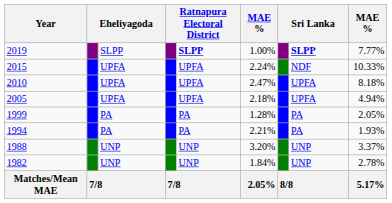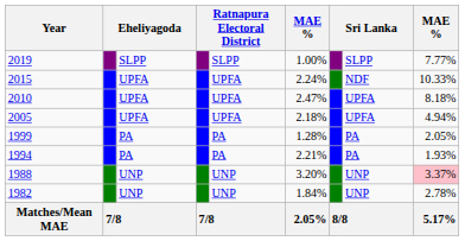 <table class="wikitable">
 <tr>
 <th>Year</th>
 <th colspan="2" width="144px">Eheliyagoda</th>
 <th colspan="2" width="144px"><a href='#'>Ratnapura Electoral District</a></th>
 <th><a href='#'>MAE</a> %</th>
 <th colspan="2" width="144px">Sri Lanka</th>
 <th>MAE %</th>
 </tr>
 <tr>
 <td><a href='#'>2019</a></td>
 <td style="background-color:purple;" width="10px"></td>
 <td style="text-align:left;"><a href='#'>SLPP</a></td>
 <td style="background-color:purple;" width="10px"></td>
-<td style="text-align:left;"><strong><a href='#'>SLPP</a></strong></td>
+<td style="text-align:left;"><a href='#'>SLPP</a></td>
 <td style="text-align:right;">1.00%</td>
 <td style="background-color:purple;" width="10px"></td>
-<td style="text-align:left;"><strong><a href='#'>SLPP</a></strong></td>
+<td style="text-align:left;"><a href='#'>SLPP</a></td>
 <td style="text-align:right;">7.77%</td>
 </tr>
 <tr>
 <td><a href='#'>2015</a></td>
 <td style="background-color:blue;" width="10px"></td>
 <td style="text-align:left;"><a href='#'>UPFA</a></td>
 <td style="background-color:blue;" width="10px"></td>
 <td style="text-align:left;"><a href='#'>UPFA</a></td>
 <td style="text-align:right;">2.24%</td>
 <td style="background-color:green;" width="10px"></td>
 <td style="text-align:left;"><a href='#'>NDF</a></td>
 <td style="text-align:right;">10.33%</td>
 </tr>
 <tr>
 <td><a href='#'>2010</a></td>
 <td style="background-color:blue;" width="10px"></td>
 <td style="text-align:left;"><a href='#'>UPFA</a></td>
 <td style="background-color:blue;" width="10px"></td>
 <td style="text-align:left;"><a href='#'>UPFA</a></td>
 <td style="text-align:right;">2.47%</td>
 <td style="background-color:blue;" width="10px"></td>
 <td style="text-align:left;"><a href='#'>UPFA</a></td>
 <td style="text-align:right;">8.18%</td>
 </tr>
 <tr>
 <td><a href='#'>2005</a></td>
 <td style="background-color:blue;" width="10px"></td>
 <td style="text-align:left;"><a href='#'>UPFA</a></td>
 <td style="background-color:blue;" width="10px"></td>
 <td style="text-align:left;"><a href='#'>UPFA</a></td>
 <td style="text-align:right;">2.18%</td>
 <td style="background-color:blue;" width="10px"></td>
 <td style="text-align:left;"><a href='#'>UPFA</a></td>
 <td style="text-align:right;">4.94%</td>
 </tr>
 <tr>
 <td><a href='#'>1999</a></td>
 <td style="background-color:blue;" width="10px"></td>
 <td style="text-align:left;"><a href='#'>PA</a></td>
 <td style="background-color:blue;" width="10px"></td>
 <td style="text-align:left;"><a href='#'>PA</a></td>
 <td style="text-align:right;">1.28%</td>
 <td style="background-color:blue;" width="10px"></td>
 <td style="text-align:left;"><a href='#'>PA</a></td>
 <td style="text-align:right;">2.05%</td>
 </tr>
 <tr>
 <td><a href='#'>1994</a></td>
 <td style="background-color:blue;" width="10px"></td>
 <td style="text-align:left;"><a href='#'>PA</a></td>
 <td style="background-color:blue;" width="10px"></td>
 <td style="text-align:left;"><a href='#'>PA</a></td>
 <td style="text-align:right;">2.21%</td>
 <td style="background-color:blue;" width="10px"></td>
 <td style="text-align:left;"><a href='#'>PA</a></td>
 <td style="text-align:right;">1.93%</td>
 </tr>
 <tr>
 <td><a href='#'>1988</a></td>
 <td style="background-color:green;" width="10px"></td>
 <td style="text-align:left;"><a href='#'>UNP</a></td>
 <td style="background-color:green;" width="10px"></td>
 <td style="text-align:left;"><a href='#'>UNP</a></td>
 <td style="text-align:right;">3.20%</td>
 <td style="background-color:green;" width="10px"></td>
 <td style="text-align:left;"><a href='#'>UNP</a></td>
-<td style="text-align:right;">3.37%</td>
+<td style="background: pink; text-align:right;">3.37%</td>
 </tr>
 <tr>
 <td><a href='#'>1982</a></td>
 <td style="background-color:green;" width="10px"></td>
 <td style="text-align:left;"><a href='#'>UNP</a></td>
 <td style="background-color:green;" width="10px"></td>
 <td style="text-align:left;"><a href='#'>UNP</a></td>
 <td style="text-align:right;">1.84%</td>
 <td style="background-color:green;" width="10px"></td>
 <td style="text-align:left;"><a href='#'>UNP</a></td>
 <td style="text-align:right;">2.78%</td>
 </tr>
 <tr>
 <th>Matches/Mean MAE</th>
 <th style="text-align:left;"colspan="2" width="144px">7/8</th>
 <th style="text-align:left;"colspan="2" width="144px">7/8</th>
 <th style="text-align:right;">2.05%</th>
 <th style="text-align:left;"colspan="2" width="144px">8/8</th>
 <th style="text-align:right;">5.17%</th>
 </tr>
 </table>
